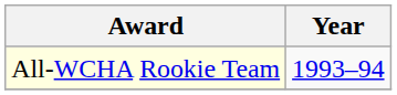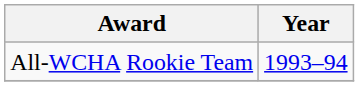 <table class="wikitable">
 <tr>
 <th>Award</th>
 <th>Year</th>
 </tr>
 <tr>
-<td style="background: lightyellow;">All-<a href='#'>WCHA</a> <a href='#'>Rookie Team</a></td>
+<td>All-<a href='#'>WCHA</a> <a href='#'>Rookie Team</a></td>
 <td><a href='#'>1993–94</a></td>
 </tr>
 <tr>
 </tr>
 </table>
